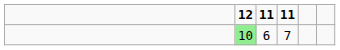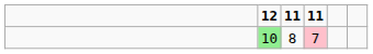 <table class="wikitable">
 <tr>
 <td style="width:18em"><strong></strong></td>
 <td align=center style="width:1em"><strong>12</strong></td>
 <td align=center style="width:1em"><strong>11</strong></td>
 <td align=center style="width:1em"><strong>11</strong></td>
 <td align=center style="width:1em"></td>
 <td align=center style="width:1em"></td>
 </tr>
 <tr>
 <td style="width:18em"></td>
 <td align=center style="background: lightgreen; width:1em">10</td>
-<td align=center style="width:1em">6</td>
-<td align=center style="width:1em">7</td>
+<td align=center style="width:1em">8</td>
+<td align=center style="background: pink; width:1em">7</td>
 <td align=center style="width:1em"></td>
 <td align=center style="width:1em"></td>
 </tr>
 </table>
